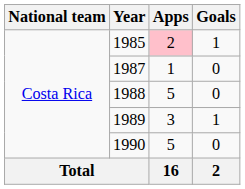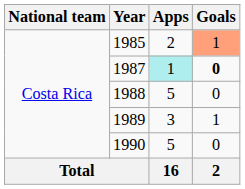 <table class="wikitable" style="text-align:center">
 <tr>
 <th>National team</th>
 <th>Year</th>
 <th>Apps</th>
 <th>Goals</th>
 </tr>
 <tr>
 <td rowspan="5"><a href='#'>Costa Rica</a></td>
 <td>1985</td>
-<td style="background: pink;">2</td>
-<td>1</td>
+<td>2</td>
+<td style="background: lightsalmon;">1</td>
 </tr>
 <tr>
 <td>1987</td>
-<td>1</td>
-<td>0</td>
+<td style="background: paleturquoise;">1</td>
+<td><strong>0</strong></td>
 </tr>
 <tr>
 <td>1988</td>
 <td>5</td>
 <td>0</td>
 </tr>
 <tr>
 <td>1989</td>
 <td>3</td>
 <td>1</td>
 </tr>
 <tr>
 <td>1990</td>
 <td>5</td>
 <td>0</td>
 </tr>
 <tr>
 <th colspan="2">Total</th>
 <th>16</th>
 <th>2</th>
 </tr>
 </table>
